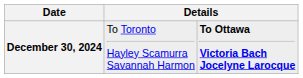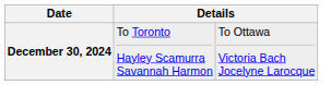 <table class="wikitable">
 <tr>
 <th scope="col">Date</th>
 <th scope="colgroup" colspan="2">Details</th>
 </tr>
 <tr style="background:#eee;">
 <th scope="row">December 30, 2024</th>
 <td valign="top">To <a href='#'>Toronto</a><hr><a href='#'>Hayley Scamurra</a><br><a href='#'>Savannah Harmon</a></td>
-<td valign="top"><strong>To Ottawa<hr><a href='#'>Victoria Bach</a><br><a href='#'>Jocelyne Larocque</a></strong></td>
+<td valign="top">To Ottawa<hr><a href='#'>Victoria Bach</a><br><a href='#'>Jocelyne Larocque</a></td>
 </tr>
 </table>
